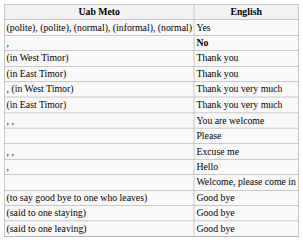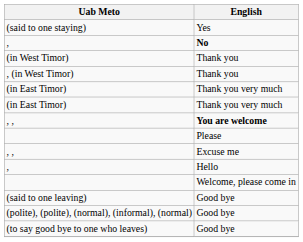 <table class="wikitable">
 <tr>
 <th>Uab Meto</th>
 <th>English</th>
 </tr>
 <tr>
-<td> (polite),  (polite),  (normal),  (informal),  (normal)</td>
+<td> (said to one staying)</td>
 <td>Yes</td>
 </tr>
 <tr>
 <td>, </td>
 <td><strong>No</strong></td>
 </tr>
 <tr>
 <td> (in West Timor)</td>
 <td>Thank you</td>
 </tr>
 <tr>
-<td> (in East Timor)</td>
+<td>,  (in West Timor)</td>
 <td>Thank you</td>
 </tr>
 <tr>
-<td>,  (in West Timor)</td>
+<td> (in East Timor)</td>
 <td>Thank you very much</td>
 </tr>
 <tr>
 <td> (in East Timor)</td>
 <td>Thank you very much</td>
 </tr>
 <tr>
 <td>, , </td>
-<td>You are welcome</td>
+<td><strong>You are welcome</strong></td>
 </tr>
 <tr>
 <td></td>
 <td>Please</td>
 </tr>
 <tr>
 <td>, , </td>
 <td>Excuse me</td>
 </tr>
 <tr>
 <td>, </td>
 <td>Hello</td>
 </tr>
 <tr>
 <td></td>
 <td>Welcome, please come in</td>
 </tr>
 <tr>
-<td> (to say good bye to one who leaves)</td>
+<td> (said to one leaving)</td>
 <td>Good bye</td>
 </tr>
 <tr>
-<td> (said to one staying)</td>
+<td> (polite),  (polite),  (normal),  (informal),  (normal)</td>
 <td>Good bye</td>
 </tr>
 <tr>
-<td> (said to one leaving)</td>
+<td> (to say good bye to one who leaves)</td>
 <td>Good bye</td>
 </tr>
 <tr>
 </tr>
 </table>
